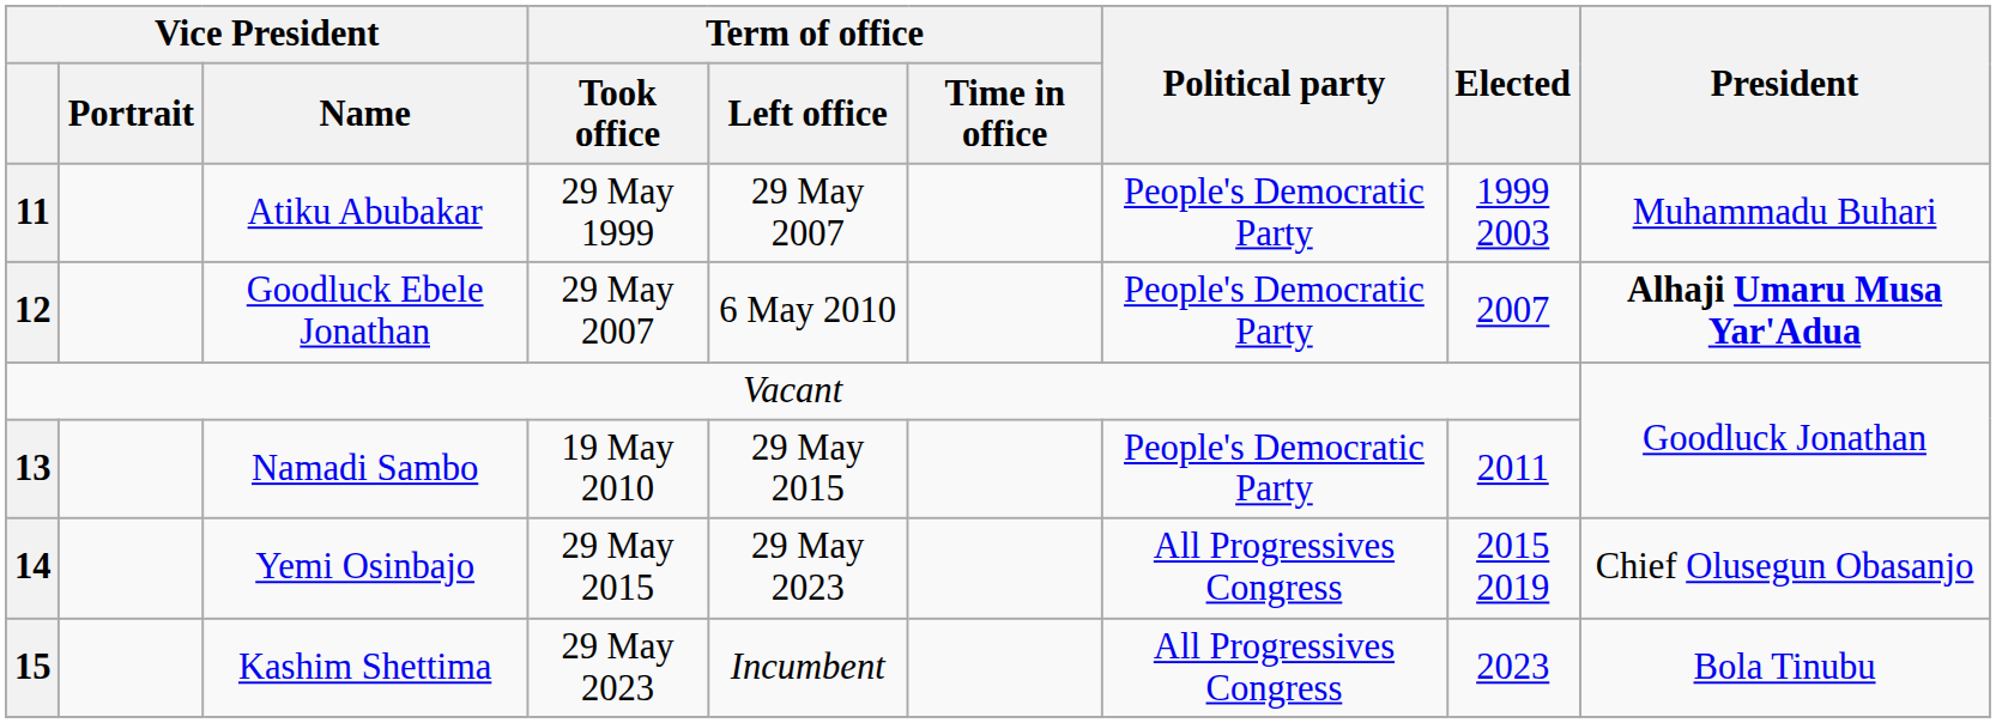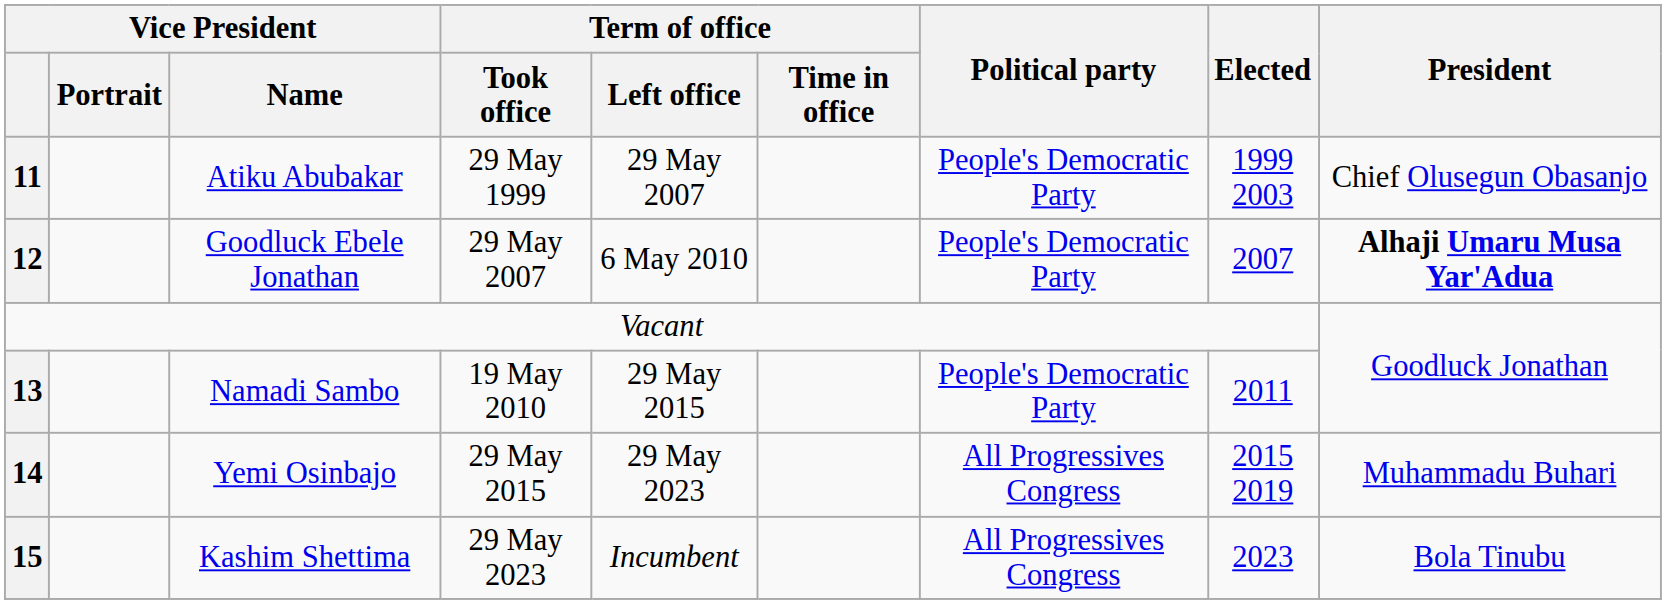 <table class=wikitable style=text-align:center>
 <tr>
 <th colspan=3>Vice President</th>
 <th colspan=3>Term of office</th>
 <th rowspan=2>Political party</th>
 <th rowspan="2">Elected</th>
 <th rowspan=2>President</th>
 </tr>
 <tr>
 <th></th>
 <th>Portrait</th>
 <th>Name</th>
 <th>Took office</th>
 <th>Left office</th>
 <th>Time in office</th>
 </tr>
 <tr>
 <th style="background:">11</th>
 <td></td>
 <td><a href='#'>Atiku Abubakar</a><br></td>
 <td>29 May 1999</td>
 <td>29 May 2007</td>
 <td></td>
 <td><a href='#'>People's Democratic Party</a></td>
 <td><a href='#'>1999</a><br><a href='#'>2003</a></td>
-<td><a href='#'>Muhammadu Buhari</a></td>
+<td>Chief <a href='#'>Olusegun Obasanjo</a></td>
 </tr>
 <tr>
 <th style="background:">12</th>
 <td></td>
 <td><a href='#'>Goodluck Ebele Jonathan</a><br></td>
 <td>29 May 2007</td>
 <td>6 May 2010<br></td>
 <td></td>
 <td><a href='#'>People's Democratic Party</a></td>
 <td><a href='#'>2007</a></td>
 <td><strong>Alhaji <a href='#'>Umaru Musa Yar'Adua</a></strong></td>
 </tr>
 <tr>
 <td colspan="8"><em>Vacant</em><br></td>
 <td rowspan = 2><a href='#'>Goodluck Jonathan</a></td>
 </tr>
 <tr>
 <th style="background:">13</th>
 <td></td>
 <td><a href='#'>Namadi Sambo</a><br></td>
 <td>19 May 2010</td>
 <td>29 May 2015</td>
 <td></td>
 <td><a href='#'>People's Democratic Party</a></td>
 <td><a href='#'>2011</a></td>
 </tr>
 <tr>
 <th style="background:">14</th>
 <td></td>
 <td><a href='#'>Yemi Osinbajo</a><br></td>
 <td>29 May 2015</td>
 <td>29 May 2023</td>
 <td></td>
 <td><a href='#'>All Progressives Congress</a></td>
 <td><a href='#'>2015</a><br><a href='#'>2019</a></td>
-<td>Chief <a href='#'>Olusegun Obasanjo</a></td>
+<td><a href='#'>Muhammadu Buhari</a></td>
 </tr>
 <tr>
 <th style="background:">15</th>
 <td></td>
 <td><a href='#'>Kashim Shettima</a><br></td>
 <td>29 May 2023</td>
 <td><em>Incumbent</em></td>
 <td></td>
 <td><a href='#'>All Progressives Congress</a></td>
 <td><a href='#'>2023</a></td>
 <td><a href='#'>Bola Tinubu</a></td>
 </tr>
 </table>
